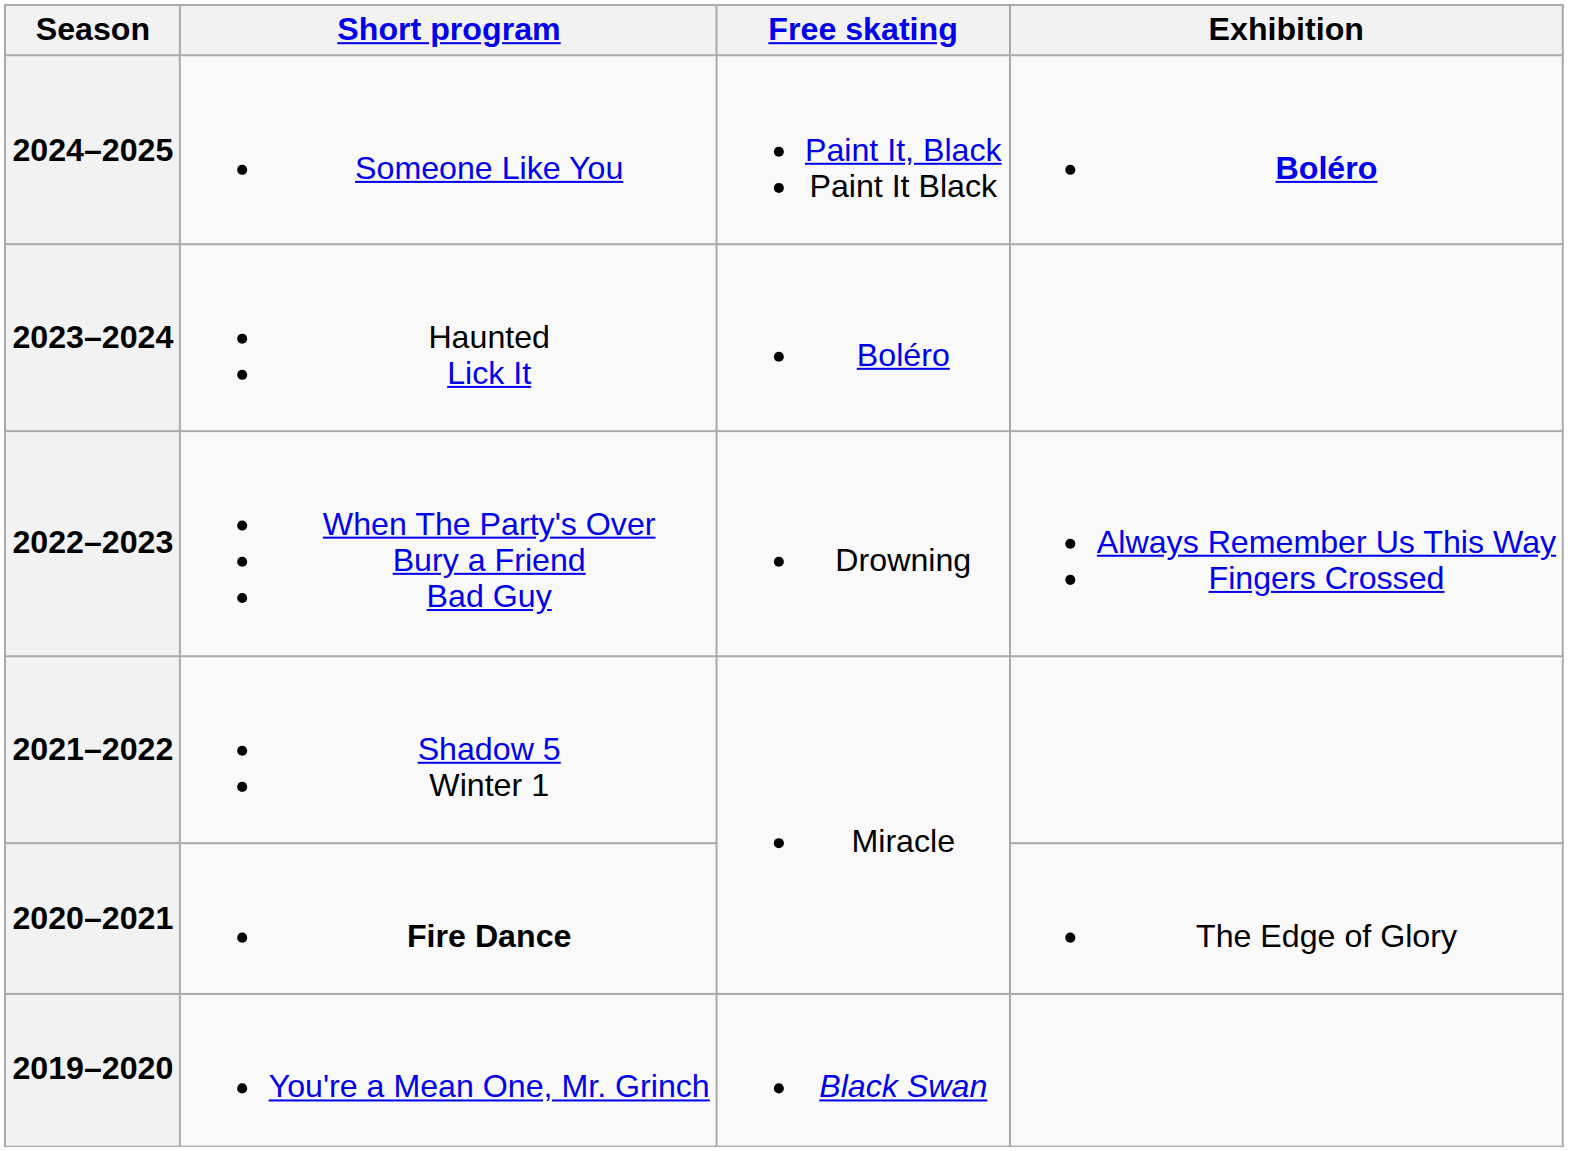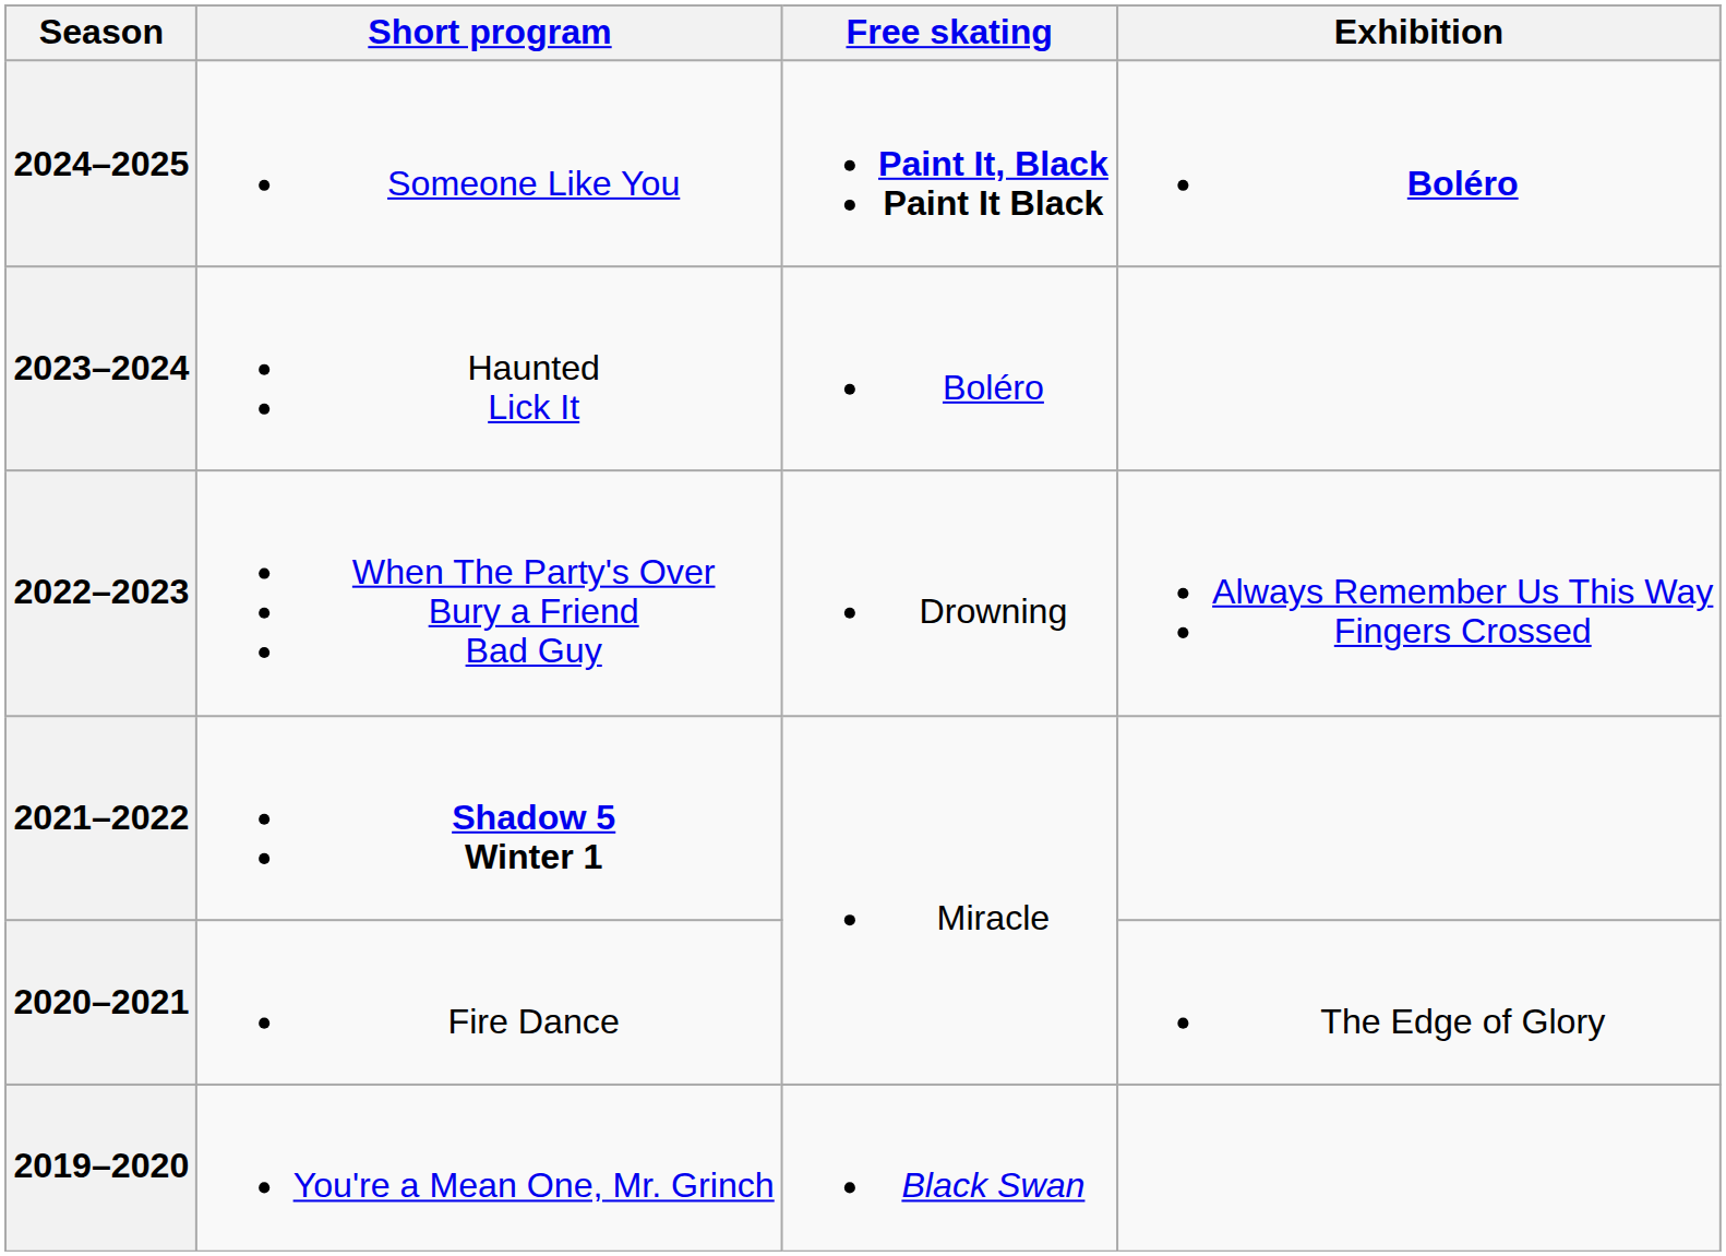 <table class=wikitable style=text-align:center>
 <tr>
 <th>Season</th>
 <th><a href='#'>Short program</a></th>
 <th><a href='#'>Free skating</a></th>
 <th>Exhibition</th>
 </tr>
 <tr>
 <th>2024–2025 <br> </th>
 <td><br><ul><li><a href='#'>Someone Like You</a> <br></li></ul></td>
-<td><br><ul><li><a href='#'>Paint It, Black</a> <br></li><li>Paint It Black <br></li></ul></td>
+<td><strong><br><ul><li><a href='#'>Paint It, Black</a> <br></li><li>Paint It Black <br></li></ul></strong></td>
 <td><strong><br><ul><li><a href='#'>Boléro</a> <br></li></ul></strong></td>
 </tr>
 <tr>
 <th>2023–2024 <br> </th>
 <td><br><ul><li>Haunted <br></li><li><a href='#'>Lick It</a> <br></li></ul></td>
 <td><br><ul><li><a href='#'>Boléro</a> <br></li></ul></td>
 <td></td>
 </tr>
 <tr>
 <th>2022–2023 <br> </th>
 <td><br><ul><li><a href='#'>When The Party's Over</a></li><li><a href='#'>Bury a Friend</a></li><li><a href='#'>Bad Guy</a><br></li></ul></td>
 <td><br><ul><li>Drowning<br></li></ul></td>
 <td><br><ul><li><a href='#'>Always Remember Us This Way</a><br></li><li><a href='#'>Fingers Crossed</a> <br></li></ul></td>
 </tr>
 <tr>
 <th>2021–2022<br></th>
-<td><br><ul><li><a href='#'>Shadow 5</a></li><li>Winter 1 <br></li></ul></td>
+<td><strong><br><ul><li><a href='#'>Shadow 5</a></li><li>Winter 1 <br></li></ul></strong></td>
 <td rowspan="2"><br><ul><li>Miracle <br></li></ul></td>
 <td></td>
 </tr>
 <tr>
 <th>2020–2021<br></th>
-<td><strong><br><ul><li>Fire Dance <br></li></ul></strong></td>
+<td><br><ul><li>Fire Dance <br></li></ul></td>
 <td><br><ul><li>The Edge of Glory<br></li></ul></td>
 </tr>
 <tr>
 <th>2019–2020<br></th>
 <td><br><ul><li><a href='#'>You're a Mean One, Mr. Grinch</a><br></li></ul></td>
 <td><br><ul><li><em><a href='#'>Black Swan</a></em><br></li></ul></td>
 <td></td>
 </tr>
 </table>
